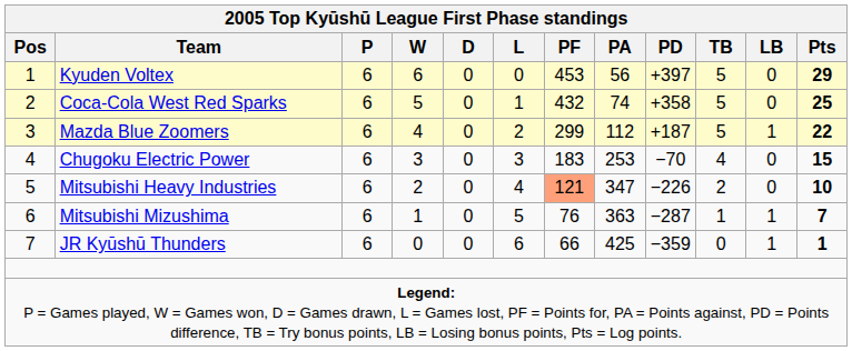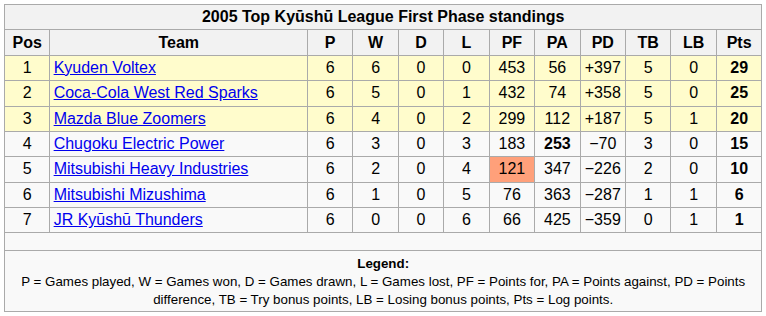 <table class="wikitable" style="text-align:center; font-size:100%; width:60%;">
 <tr>
 <th colspan="100%" cellpadding="0" cellspacing="0"><strong>2005 Top Kyūshū League First Phase standings</strong></th>
 </tr>
 <tr>
 <th style="width:6%;">Pos</th>
 <th style="width:34%;">Team</th>
 <th style="width:6%;">P</th>
 <th style="width:6%;">W</th>
 <th style="width:6%;">D</th>
 <th style="width:6%;">L</th>
 <th style="width:6%;">PF</th>
 <th style="width:6%;">PA</th>
 <th style="width:6%;">PD</th>
 <th style="width:6%;">TB</th>
 <th style="width:6%;">LB</th>
 <th style="width:6%;">Pts<br></th>
 </tr>
 <tr style="background:#FFFCCC;">
 <td>1</td>
 <td style="text-align:left;"><a href='#'>Kyuden Voltex</a></td>
 <td>6</td>
 <td>6</td>
 <td>0</td>
 <td>0</td>
 <td>453</td>
 <td>56</td>
 <td>+397</td>
 <td>5</td>
 <td>0</td>
 <td><strong>29</strong></td>
 </tr>
 <tr style="background:#FFFCCC;">
 <td>2</td>
 <td style="text-align:left;"><a href='#'>Coca-Cola West Red Sparks</a></td>
 <td>6</td>
 <td>5</td>
 <td>0</td>
 <td>1</td>
 <td>432</td>
 <td>74</td>
 <td>+358</td>
 <td>5</td>
 <td>0</td>
 <td><strong>25</strong></td>
 </tr>
 <tr style="background:#FFFCCC;">
 <td>3</td>
 <td style="text-align:left;"><a href='#'>Mazda Blue Zoomers</a></td>
 <td>6</td>
 <td>4</td>
 <td>0</td>
 <td>2</td>
 <td>299</td>
 <td>112</td>
 <td>+187</td>
 <td>5</td>
 <td>1</td>
-<td><strong>22</strong></td>
+<td><strong>20</strong></td>
 </tr>
 <tr>
 <td>4</td>
 <td style="text-align:left;"><a href='#'>Chugoku Electric Power</a></td>
 <td>6</td>
 <td>3</td>
 <td>0</td>
 <td>3</td>
 <td>183</td>
-<td>253</td>
+<td><strong>253</strong></td>
 <td>−70</td>
-<td>4</td>
+<td>3</td>
 <td>0</td>
 <td><strong>15</strong></td>
 </tr>
 <tr>
 <td>5</td>
 <td style="text-align:left;"><a href='#'>Mitsubishi Heavy Industries</a></td>
 <td>6</td>
 <td>2</td>
 <td>0</td>
 <td>4</td>
 <td style="background: lightsalmon;">121</td>
 <td>347</td>
 <td>−226</td>
 <td>2</td>
 <td>0</td>
 <td><strong>10</strong></td>
 </tr>
 <tr>
 <td>6</td>
 <td style="text-align:left;"><a href='#'>Mitsubishi Mizushima</a></td>
 <td>6</td>
 <td>1</td>
 <td>0</td>
 <td>5</td>
 <td>76</td>
 <td>363</td>
 <td>−287</td>
 <td>1</td>
 <td>1</td>
-<td><strong>7</strong></td>
+<td><strong>6</strong></td>
 </tr>
 <tr>
 <td>7</td>
 <td style="text-align:left;"><a href='#'>JR Kyūshū Thunders</a></td>
 <td>6</td>
 <td>0</td>
 <td>0</td>
 <td>6</td>
 <td>66</td>
 <td>425</td>
 <td>−359</td>
 <td>0</td>
 <td>1</td>
 <td><strong>1</strong></td>
 </tr>
 <tr>
 <td colspan="100%" style="height:10px;"></td>
 </tr>
 <tr>
 <td colspan="100%"><small><strong>Legend:</strong> <br> P = Games played, W = Games won, D = Games drawn, L = Games lost, PF = Points for, PA = Points against, PD = Points difference, TB = Try bonus points, LB = Losing bonus points, Pts = Log points.</small></td>
 </tr>
 </table>
